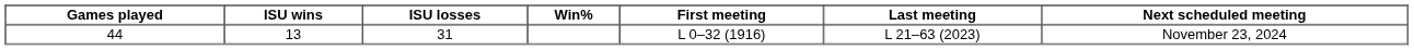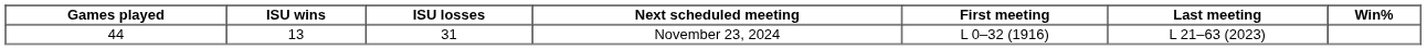 <table cellpadding="1" border="1" cellspacing="0" style="width:100%;">
 <tr>
 <th>Games played</th>
 <th>ISU wins</th>
 <th>ISU losses</th>
-<th>Win%</th>
+<th>Next scheduled meeting</th>
 <th>First meeting</th>
 <th>Last meeting</th>
-<th>Next scheduled meeting</th>
+<th>Win%</th>
 </tr>
 <tr style="text-align:center;">
 <td>44</td>
 <td>13</td>
 <td>31</td>
-<td></td>
+<td>November 23, 2024</td>
 <td>L 0–32 (1916)</td>
 <td>L 21–63 (2023)</td>
-<td>November 23, 2024</td>
+<td></td>
 </tr>
 </table>
